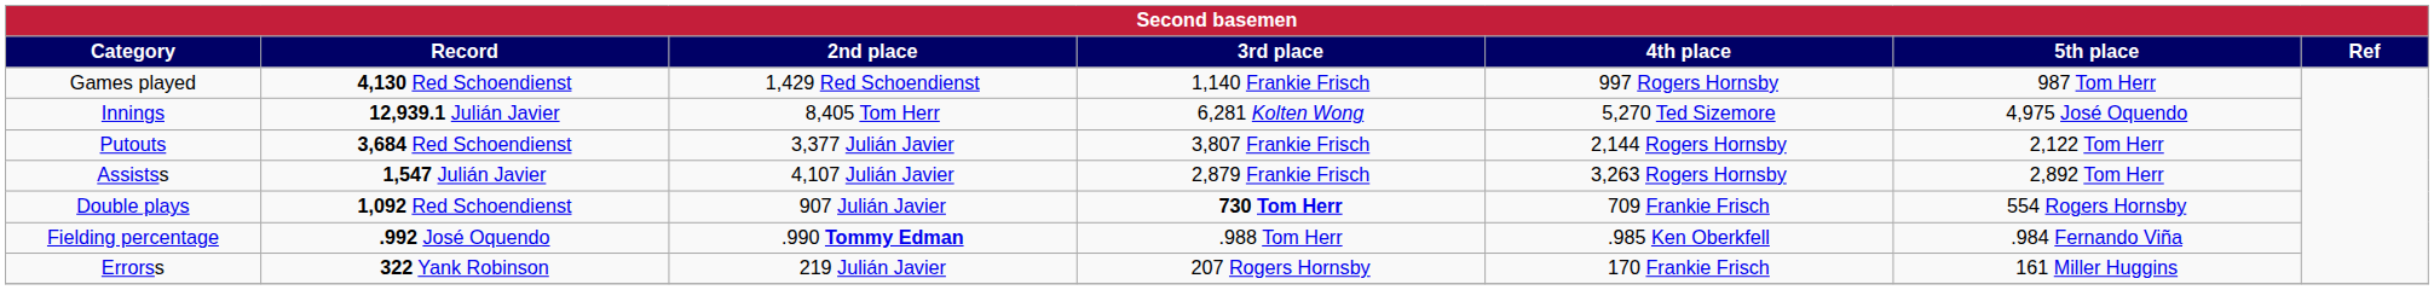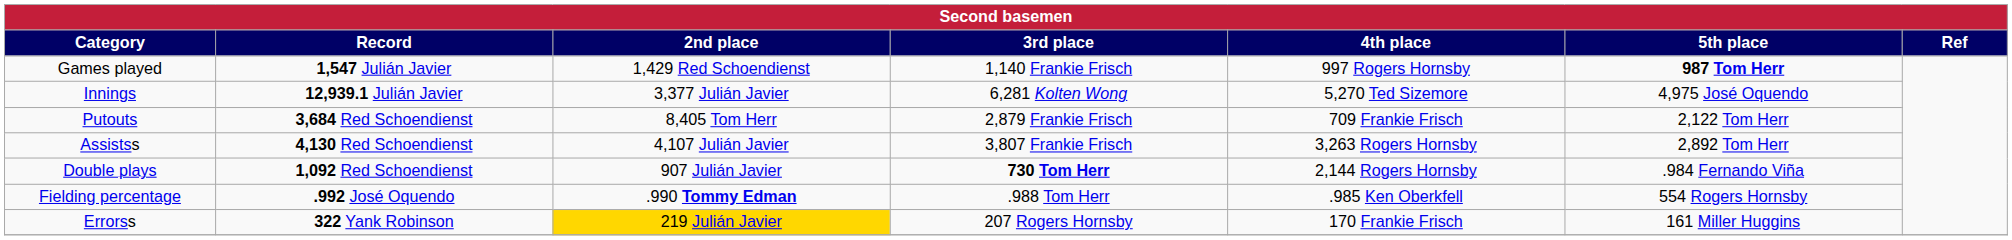 <table class="wikitable" style="text-align:center; width:100%">
 <tr>
 <th colspan=7 style="background:#C41E3A;color:#FFFFFF;">Second basemen</th>
 </tr>
 <tr>
 <th scope="col" width=10% style="background:#000066;color:#FFFFFF;">Category</th>
 <th scope="col" width=16% style="background:#000066;color:#FFFFFF;">Record</th>
 <th scope="col" width=16% style="background:#000066;color:#FFFFFF;">2nd place</th>
 <th scope="col" width=16% style="background:#000066;color:#FFFFFF;">3rd place</th>
 <th scope="col" width=16% style="background:#000066;color:#FFFFFF;">4th place</th>
 <th scope="col" width=16% style="background:#000066;color:#FFFFFF;">5th place</th>
 <th scope="col" width=5% style="background:#000066;color:#FFFFFF;">Ref</th>
 </tr>
 <tr>
 <td>Games played</td>
-<td><strong>4,130</strong> <a href='#'>Red Schoendienst</a></td>
+<td><strong>1,547</strong> <a href='#'>Julián Javier</a></td>
 <td>1,429 <a href='#'>Red Schoendienst</a></td>
 <td>1,140 <a href='#'>Frankie Frisch</a></td>
 <td>997 <a href='#'>Rogers Hornsby</a></td>
-<td>987 <a href='#'>Tom Herr</a></td>
+<td><strong>987 <a href='#'>Tom Herr</a></strong></td>
 <td rowspan="7" style="text-align: center;"></td>
 </tr>
 <tr>
 <td><a href='#'>Innings</a></td>
 <td><strong>12,939.1</strong> <a href='#'>Julián Javier</a></td>
-<td>8,405 <a href='#'>Tom Herr</a></td>
+<td>3,377 <a href='#'>Julián Javier</a></td>
 <td>6,281 <em><a href='#'>Kolten Wong</a></em></td>
 <td>5,270 <a href='#'>Ted Sizemore</a></td>
 <td>4,975 <a href='#'>José Oquendo</a></td>
 </tr>
 <tr>
 <td><a href='#'>Putouts</a></td>
 <td><strong>3,684</strong> <a href='#'>Red Schoendienst</a></td>
-<td>3,377 <a href='#'>Julián Javier</a></td>
-<td>3,807 <a href='#'>Frankie Frisch</a></td>
-<td>2,144 <a href='#'>Rogers Hornsby</a></td>
+<td>8,405 <a href='#'>Tom Herr</a></td>
+<td>2,879 <a href='#'>Frankie Frisch</a></td>
+<td>709 <a href='#'>Frankie Frisch</a></td>
 <td>2,122 <a href='#'>Tom Herr</a></td>
 </tr>
 <tr>
 <td><a href='#'>Assists</a>s</td>
-<td><strong>1,547</strong> <a href='#'>Julián Javier</a></td>
+<td><strong>4,130</strong> <a href='#'>Red Schoendienst</a></td>
 <td>4,107 <a href='#'>Julián Javier</a></td>
-<td>2,879 <a href='#'>Frankie Frisch</a></td>
+<td>3,807 <a href='#'>Frankie Frisch</a></td>
 <td>3,263 <a href='#'>Rogers Hornsby</a></td>
 <td>2,892 <a href='#'>Tom Herr</a></td>
 </tr>
 <tr>
 <td><a href='#'>Double plays</a></td>
 <td><strong>1,092</strong> <a href='#'>Red Schoendienst</a></td>
 <td>907 <a href='#'>Julián Javier</a></td>
 <td><strong>730 <a href='#'>Tom Herr</a></strong></td>
-<td>709 <a href='#'>Frankie Frisch</a></td>
-<td>554 <a href='#'>Rogers Hornsby</a></td>
+<td>2,144 <a href='#'>Rogers Hornsby</a></td>
+<td>.984 <a href='#'>Fernando Viña</a></td>
 </tr>
 <tr>
 <td><a href='#'>Fielding percentage</a></td>
 <td><strong>.992</strong> <a href='#'>José Oquendo</a></td>
 <td>.990 <strong><a href='#'>Tommy Edman</a></strong></td>
 <td>.988 <a href='#'>Tom Herr</a></td>
 <td>.985 <a href='#'>Ken Oberkfell</a></td>
-<td>.984 <a href='#'>Fernando Viña</a></td>
+<td>554 <a href='#'>Rogers Hornsby</a></td>
 </tr>
 <tr>
 <td><a href='#'>Errors</a>s</td>
 <td><strong>322</strong> <a href='#'>Yank Robinson</a></td>
-<td>219 <a href='#'>Julián Javier</a></td>
+<td style="background: gold;">219 <a href='#'>Julián Javier</a></td>
 <td>207 <a href='#'>Rogers Hornsby</a></td>
 <td>170 <a href='#'>Frankie Frisch</a></td>
 <td>161 <a href='#'>Miller Huggins</a></td>
 </tr>
 <tr>
 </tr>
 </table>
